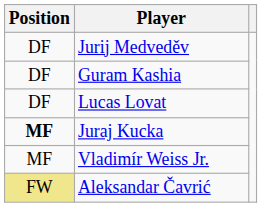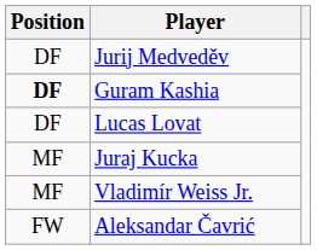 <table class="wikitable">
 <tr>
 <th style="width:50px;">Position</th>
 <th style="width:150px;">Player</th>
 <th></th>
 </tr>
 <tr>
 <td style="text-align:center;">DF</td>
 <td> <a href='#'>Jurij Medveděv</a></td>
 <td rowspan="6"></td>
 </tr>
 <tr>
-<td style="text-align:center;">DF</td>
+<td style="text-align:center;"><strong>DF</strong></td>
 <td> <a href='#'>Guram Kashia</a></td>
 </tr>
 <tr>
 <td style="text-align:center;">DF</td>
 <td> <a href='#'>Lucas Lovat</a></td>
 </tr>
 <tr>
-<td style="text-align:center;"><strong>MF</strong></td>
+<td style="text-align:center;">MF</td>
 <td> <a href='#'>Juraj Kucka</a></td>
 </tr>
 <tr>
 <td style="text-align:center;">MF</td>
 <td> <a href='#'>Vladimír Weiss Jr.</a></td>
 </tr>
 <tr>
-<td style="background: khaki; text-align:center;">FW</td>
+<td style="text-align:center;">FW</td>
 <td> <a href='#'>Aleksandar Čavrić</a></td>
 </tr>
 </table>
